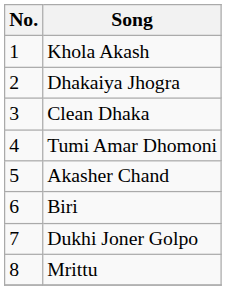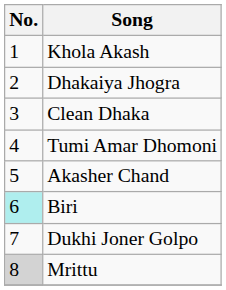 <table class="wikitable">
 <tr>
 <th>No.</th>
 <th>Song</th>
 </tr>
 <tr>
 <td>1</td>
 <td>Khola Akash</td>
 </tr>
 <tr>
 <td>2</td>
 <td>Dhakaiya Jhogra</td>
 </tr>
 <tr>
 <td>3</td>
 <td>Clean Dhaka</td>
 </tr>
 <tr>
 <td>4</td>
 <td>Tumi Amar Dhomoni</td>
 </tr>
 <tr>
 <td>5</td>
 <td>Akasher Chand</td>
 </tr>
 <tr>
-<td>6</td>
+<td style="background: paleturquoise;">6</td>
 <td>Biri</td>
 </tr>
 <tr>
 <td>7</td>
 <td>Dukhi Joner Golpo</td>
 </tr>
 <tr>
-<td>8</td>
+<td style="background: lightgrey;">8</td>
 <td>Mrittu</td>
 </tr>
 <tr>
 </tr>
 </table>
